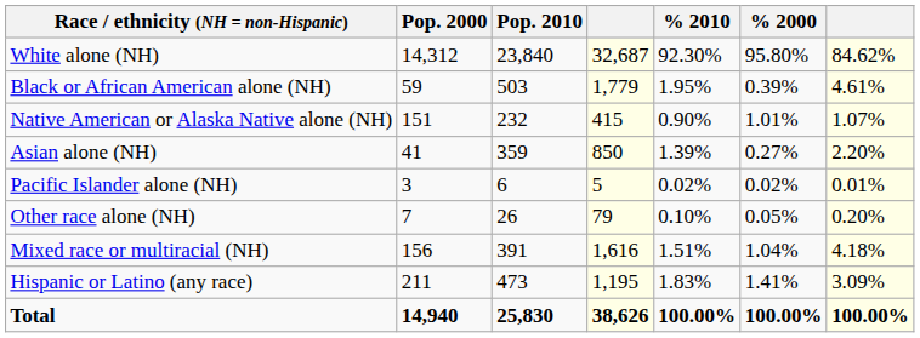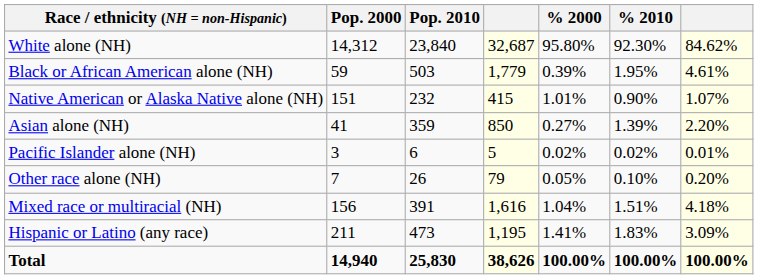 <table class="wikitable">
 <tr>
 <th>Race / ethnicity <small>(<em>NH = non-Hispanic</em>)</small></th>
 <th>Pop. 2000</th>
 <th>Pop. 2010</th>
 <th></th>
+<th>% 2000</th>
 <th>% 2010</th>
-<th>% 2000</th>
 <th></th>
 </tr>
 <tr>
 <td><a href='#'>White</a> alone (NH)</td>
 <td>14,312</td>
 <td>23,840</td>
 <td style='background: #ffffe6;'>32,687</td>
+<td>95.80%</td>
 <td>92.30%</td>
-<td>95.80%</td>
 <td style='background: #ffffe6;'>84.62%</td>
 </tr>
 <tr>
 <td><a href='#'>Black or African American</a> alone (NH)</td>
 <td>59</td>
 <td>503</td>
 <td style='background: #ffffe6;'>1,779</td>
+<td>0.39%</td>
 <td>1.95%</td>
-<td>0.39%</td>
 <td style='background: #ffffe6;'>4.61%</td>
 </tr>
 <tr>
 <td><a href='#'>Native American</a> or <a href='#'>Alaska Native</a> alone (NH)</td>
 <td>151</td>
 <td>232</td>
 <td style='background: #ffffe6;'>415</td>
+<td>1.01%</td>
 <td>0.90%</td>
-<td>1.01%</td>
 <td style='background: #ffffe6;'>1.07%</td>
 </tr>
 <tr>
 <td><a href='#'>Asian</a> alone (NH)</td>
 <td>41</td>
 <td>359</td>
 <td style='background: #ffffe6;'>850</td>
+<td>0.27%</td>
 <td>1.39%</td>
-<td>0.27%</td>
 <td style='background: #ffffe6;'>2.20%</td>
 </tr>
 <tr>
 <td><a href='#'>Pacific Islander</a> alone (NH)</td>
 <td>3</td>
 <td>6</td>
 <td style='background: #ffffe6;'>5</td>
 <td>0.02%</td>
 <td>0.02%</td>
 <td style='background: #ffffe6;'>0.01%</td>
 </tr>
 <tr>
 <td><a href='#'>Other race</a> alone (NH)</td>
 <td>7</td>
 <td>26</td>
 <td style='background: #ffffe6;'>79</td>
+<td>0.05%</td>
 <td>0.10%</td>
-<td>0.05%</td>
 <td style='background: #ffffe6;'>0.20%</td>
 </tr>
 <tr>
 <td><a href='#'>Mixed race or multiracial</a> (NH)</td>
 <td>156</td>
 <td>391</td>
 <td style='background: #ffffe6;'>1,616</td>
+<td>1.04%</td>
 <td>1.51%</td>
-<td>1.04%</td>
 <td style='background: #ffffe6;'>4.18%</td>
 </tr>
 <tr>
 <td><a href='#'>Hispanic or Latino</a> (any race)</td>
 <td>211</td>
 <td>473</td>
 <td style='background: #ffffe6;'>1,195</td>
+<td>1.41%</td>
 <td>1.83%</td>
-<td>1.41%</td>
 <td style='background: #ffffe6;'>3.09%</td>
 </tr>
 <tr>
 <td><strong>Total</strong></td>
 <td><strong>14,940</strong></td>
 <td><strong>25,830</strong></td>
 <td style='background: #ffffe6;'><strong>38,626</strong></td>
 <td><strong>100.00%</strong></td>
 <td><strong>100.00%</strong></td>
 <td style='background: #ffffe6;'><strong>100.00%</strong></td>
 </tr>
 </table>
